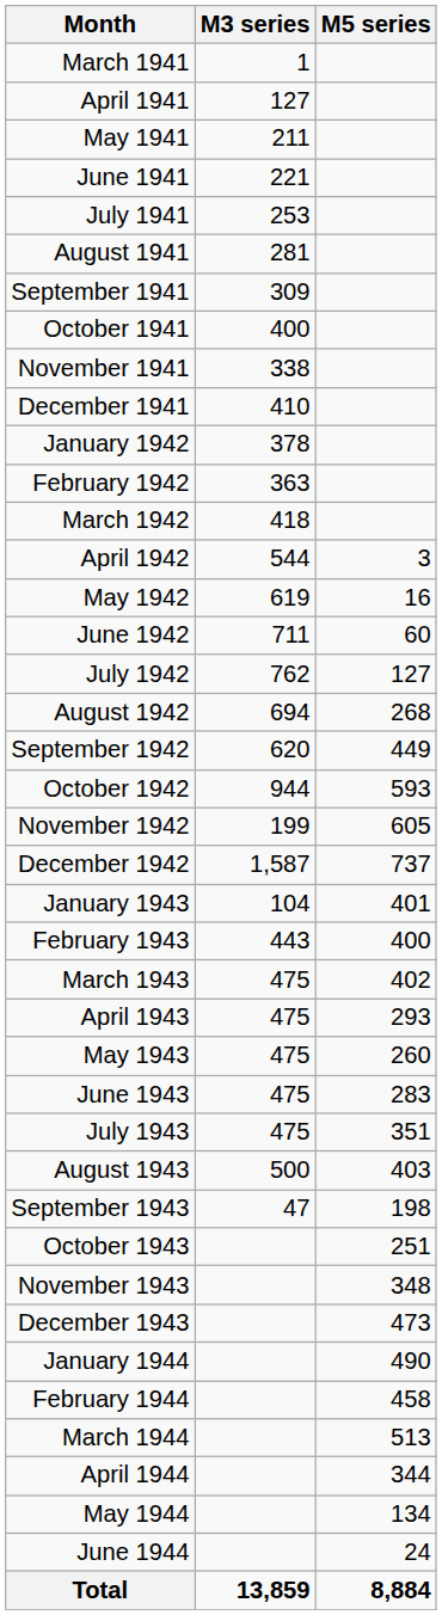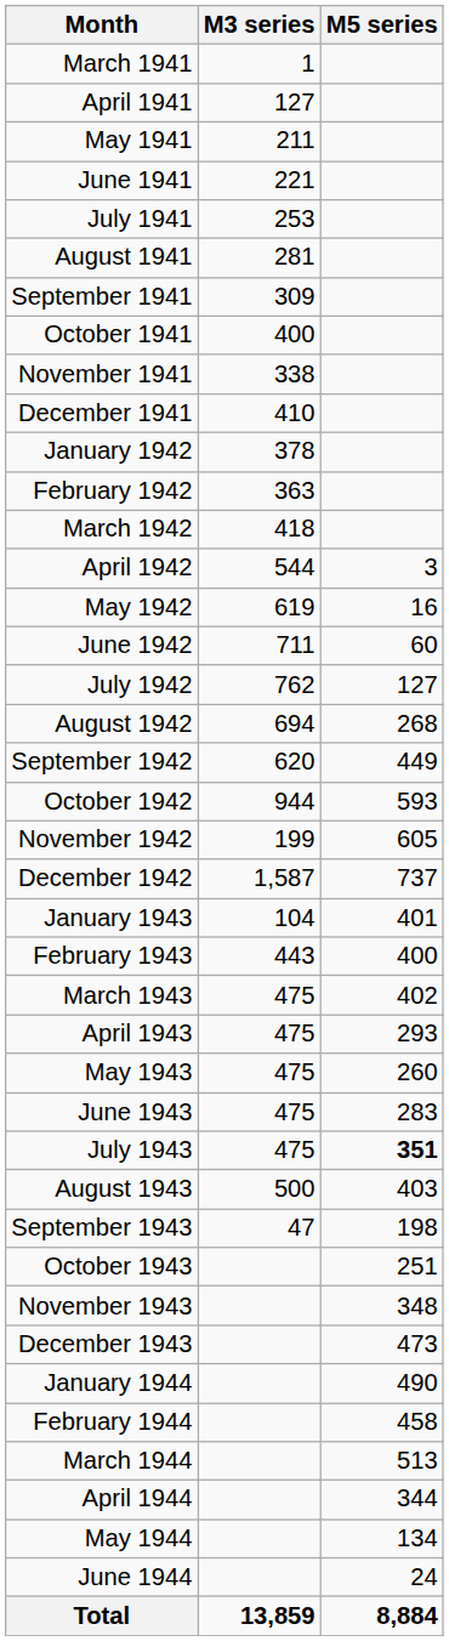 <table class="wikitable mw-collapsible mw-collapsed" style="text-align:right; width=270px;">
 <tr>
 <th>Month</th>
 <th>M3 series</th>
 <th>M5 series</th>
 </tr>
 <tr>
 <td>March 1941</td>
 <td>1</td>
 <td></td>
 </tr>
 <tr>
 <td>April 1941</td>
 <td>127</td>
 <td></td>
 </tr>
 <tr>
 <td>May 1941</td>
 <td>211</td>
 <td></td>
 </tr>
 <tr>
 <td>June 1941</td>
 <td>221</td>
 <td></td>
 </tr>
 <tr>
 <td>July 1941</td>
 <td>253</td>
 <td></td>
 </tr>
 <tr>
 <td>August 1941</td>
 <td>281</td>
 <td></td>
 </tr>
 <tr>
 <td>September 1941</td>
 <td>309</td>
 <td></td>
 </tr>
 <tr>
 <td>October 1941</td>
 <td>400</td>
 <td></td>
 </tr>
 <tr>
 <td>November 1941</td>
 <td>338</td>
 <td></td>
 </tr>
 <tr>
 <td>December 1941</td>
 <td>410</td>
 <td></td>
 </tr>
 <tr>
 <td>January 1942</td>
 <td>378</td>
 <td></td>
 </tr>
 <tr>
 <td>February 1942</td>
 <td>363</td>
 <td></td>
 </tr>
 <tr>
 <td>March 1942</td>
 <td>418</td>
 <td></td>
 </tr>
 <tr>
 <td>April 1942</td>
 <td>544</td>
 <td>3</td>
 </tr>
 <tr>
 <td>May 1942</td>
 <td>619</td>
 <td>16</td>
 </tr>
 <tr>
 <td>June 1942</td>
 <td>711</td>
 <td>60</td>
 </tr>
 <tr>
 <td>July 1942</td>
 <td>762</td>
 <td>127</td>
 </tr>
 <tr>
 <td>August 1942</td>
 <td>694</td>
 <td>268</td>
 </tr>
 <tr>
 <td>September 1942</td>
 <td>620</td>
 <td>449</td>
 </tr>
 <tr>
 <td>October 1942</td>
 <td>944</td>
 <td>593</td>
 </tr>
 <tr>
 <td>November 1942</td>
 <td>199</td>
 <td>605</td>
 </tr>
 <tr>
 <td>December 1942</td>
 <td>1,587</td>
 <td>737</td>
 </tr>
 <tr>
 <td>January 1943</td>
 <td>104</td>
 <td>401</td>
 </tr>
 <tr>
 <td>February 1943</td>
 <td>443</td>
 <td>400</td>
 </tr>
 <tr>
 <td>March 1943</td>
 <td>475</td>
 <td>402</td>
 </tr>
 <tr>
 <td>April 1943</td>
 <td>475</td>
 <td>293</td>
 </tr>
 <tr>
 <td>May 1943</td>
 <td>475</td>
 <td>260</td>
 </tr>
 <tr>
 <td>June 1943</td>
 <td>475</td>
 <td>283</td>
 </tr>
 <tr>
 <td>July 1943</td>
 <td>475</td>
-<td>351</td>
+<td><strong>351</strong></td>
 </tr>
 <tr>
 <td>August 1943</td>
 <td>500</td>
 <td>403</td>
 </tr>
 <tr>
 <td>September 1943</td>
 <td>47</td>
 <td>198</td>
 </tr>
 <tr>
 <td>October 1943</td>
 <td></td>
 <td>251</td>
 </tr>
 <tr>
 <td>November 1943</td>
 <td></td>
 <td>348</td>
 </tr>
 <tr>
 <td>December 1943</td>
 <td></td>
 <td>473</td>
 </tr>
 <tr>
 <td>January 1944</td>
 <td></td>
 <td>490</td>
 </tr>
 <tr>
 <td>February 1944</td>
 <td></td>
 <td>458</td>
 </tr>
 <tr>
 <td>March 1944</td>
 <td></td>
 <td>513</td>
 </tr>
 <tr>
 <td>April 1944</td>
 <td></td>
 <td>344</td>
 </tr>
 <tr>
 <td>May 1944</td>
 <td></td>
 <td>134</td>
 </tr>
 <tr>
 <td>June 1944</td>
 <td></td>
 <td>24</td>
 </tr>
 <tr>
 <th>Total</th>
 <td><strong>13,859</strong></td>
 <td><strong>8,884</strong></td>
 </tr>
 </table>
